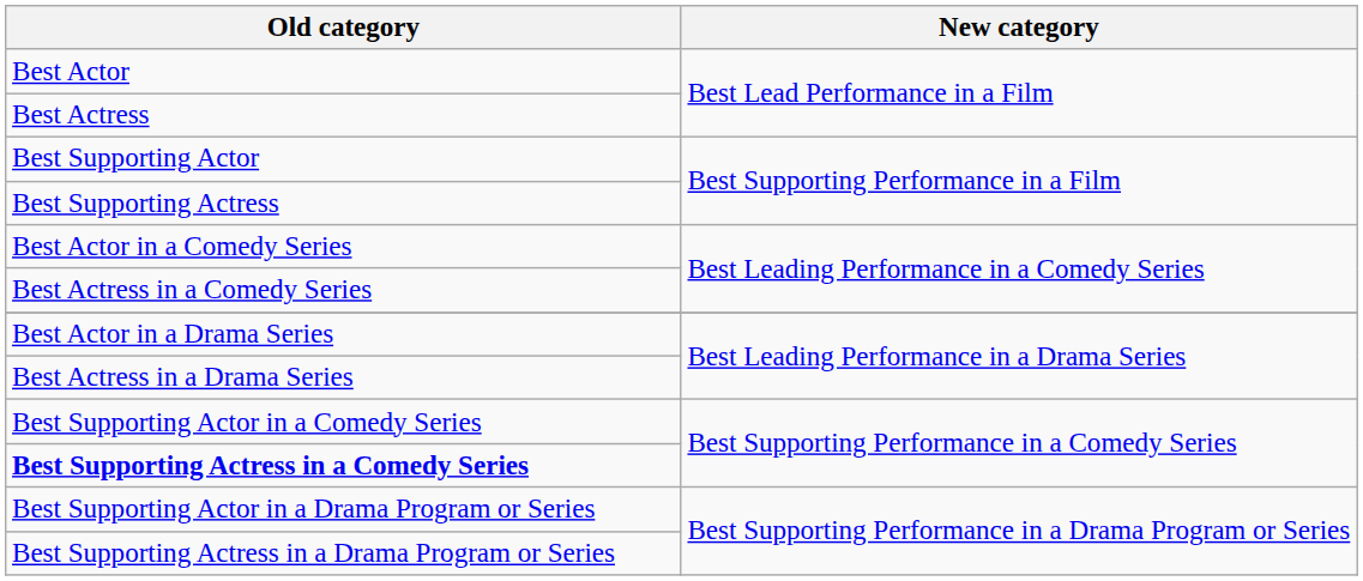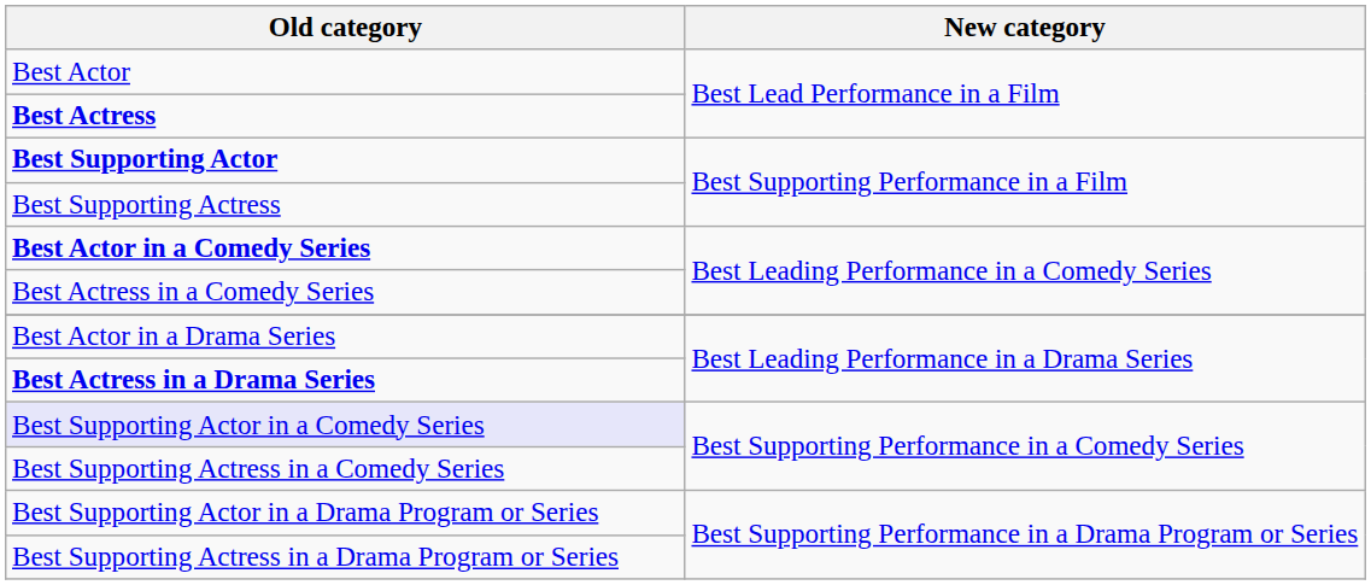 <table class="wikitable">
 <tr>
 <th scope="col" width="50%">Old category</th>
 <th scope="col" width="50%">New category</th>
 </tr>
 <tr>
 <td><a href='#'>Best Actor</a></td>
 <td rowspan="2"><a href='#'>Best Lead Performance in a Film</a></td>
 </tr>
 <tr>
-<td><a href='#'>Best Actress</a></td>
+<td><strong><a href='#'>Best Actress</a></strong></td>
 </tr>
 <tr>
-<td><a href='#'>Best Supporting Actor</a></td>
+<td><strong><a href='#'>Best Supporting Actor</a></strong></td>
 <td rowspan="2"><a href='#'>Best Supporting Performance in a Film</a></td>
 </tr>
 <tr>
 <td><a href='#'>Best Supporting Actress</a></td>
 </tr>
 <tr>
-<td><a href='#'>Best Actor in a Comedy Series</a></td>
+<td><strong><a href='#'>Best Actor in a Comedy Series</a></strong></td>
 <td rowspan="2"><a href='#'>Best Leading Performance in a Comedy Series</a></td>
 </tr>
 <tr>
 <td><a href='#'>Best Actress in a Comedy Series</a></td>
 </tr>
 <tr>
 </tr>
 <tr>
 <td><a href='#'>Best Actor in a Drama Series</a></td>
 <td rowspan="2"><a href='#'>Best Leading Performance in a Drama Series</a></td>
 </tr>
 <tr>
-<td><a href='#'>Best Actress in a Drama Series</a></td>
+<td><strong><a href='#'>Best Actress in a Drama Series</a></strong></td>
 </tr>
 <tr>
-<td><a href='#'>Best Supporting Actor in a Comedy Series</a></td>
+<td style="background: lavender;"><a href='#'>Best Supporting Actor in a Comedy Series</a></td>
 <td rowspan="2"><a href='#'>Best Supporting Performance in a Comedy Series</a></td>
 </tr>
 <tr>
-<td><strong><a href='#'>Best Supporting Actress in a Comedy Series</a></strong></td>
+<td><a href='#'>Best Supporting Actress in a Comedy Series</a></td>
 </tr>
 <tr>
 <td><a href='#'>Best Supporting Actor in a Drama Program or Series</a></td>
 <td rowspan="2"><a href='#'>Best Supporting Performance in a Drama Program or Series</a></td>
 </tr>
 <tr>
 <td><a href='#'>Best Supporting Actress in a Drama Program or Series</a></td>
 </tr>
 </table>
